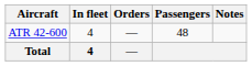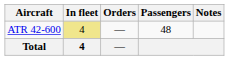 <table class="wikitable" style="margin:0.5em auto;text-align:center">
 <tr>
 <th>Aircraft</th>
 <th>In fleet</th>
 <th>Orders</th>
 <th>Passengers</th>
 <th>Notes</th>
 </tr>
 <tr>
 <td><a href='#'>ATR 42-600</a></td>
-<td>4</td>
+<td style="background: khaki;">4</td>
 <td>—</td>
 <td>48</td>
 <td></td>
 </tr>
 <tr>
 <th>Total</th>
 <th>4</th>
 <th>—</th>
 <th colspan="2"></th>
 </tr>
 </table>
